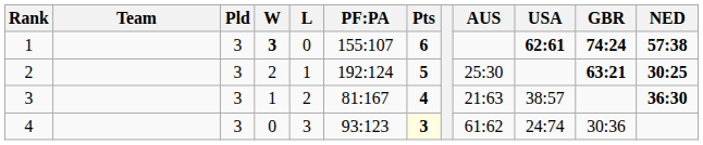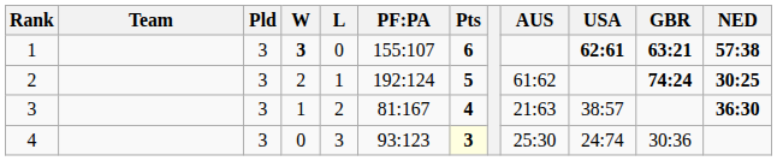 <table class="wikitable" style="text-align:center">
 <tr>
 <th width=25>Rank</th>
 <th width=150>Team</th>
 <th width=25>Pld</th>
 <th width=25>W</th>
 <th width=25>L</th>
 <th width=70>PF:PA</th>
 <th width=25>Pts</th>
 <th rowspan="5"> </th>
 <th width=50>AUS</th>
 <th width=50>USA</th>
 <th width=50>GBR</th>
 <th width=50>NED</th>
 </tr>
 <tr>
 <td>1</td>
 <td style="text-align:left"></td>
 <td>3</td>
 <td><strong>3</strong></td>
 <td>0</td>
 <td>155:107</td>
 <td><strong>6</strong></td>
 <td></td>
 <td><strong>62:61</strong></td>
-<td><strong>74:24</strong></td>
+<td><strong>63:21</strong></td>
 <td><strong>57:38</strong></td>
 </tr>
 <tr>
 <td>2</td>
 <td style="text-align:left"></td>
 <td>3</td>
 <td>2</td>
 <td>1</td>
 <td>192:124</td>
 <td><strong>5</strong></td>
-<td>25:30</td>
+<td>61:62</td>
 <td></td>
-<td><strong>63:21</strong></td>
+<td><strong>74:24</strong></td>
 <td><strong>30:25</strong></td>
 </tr>
 <tr>
 <td>3</td>
 <td style="text-align:left"></td>
 <td>3</td>
 <td>1</td>
 <td>2</td>
 <td>81:167</td>
 <td><strong>4</strong></td>
 <td>21:63</td>
 <td>38:57</td>
 <td></td>
 <td><strong>36:30</strong></td>
 </tr>
 <tr>
 <td>4</td>
 <td style="text-align:left"></td>
 <td>3</td>
 <td>0</td>
 <td>3</td>
 <td>93:123</td>
 <td style="background: lightyellow;"><strong>3</strong></td>
-<td>61:62</td>
+<td>25:30</td>
 <td>24:74</td>
 <td>30:36</td>
 <td></td>
 </tr>
 </table>
